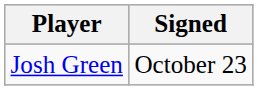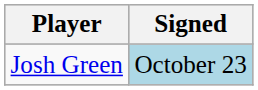 <table class="wikitable sortable sortable">
 <tr>
 <th>Player</th>
 <th>Signed</th>
 </tr>
 <tr style="text-align: center">
 <td><a href='#'>Josh Green</a></td>
-<td>October 23</td>
+<td style="background: lightblue;">October 23</td>
 </tr>
 </table>
